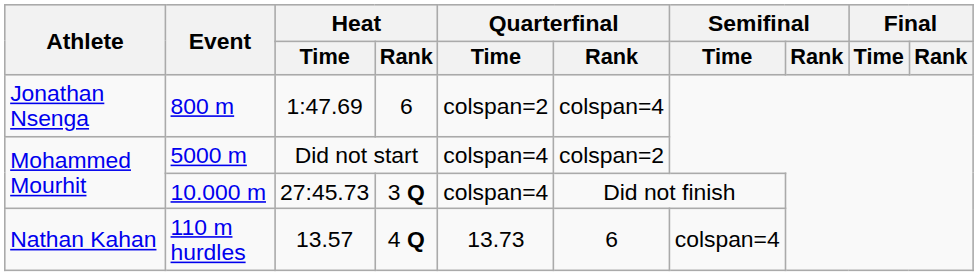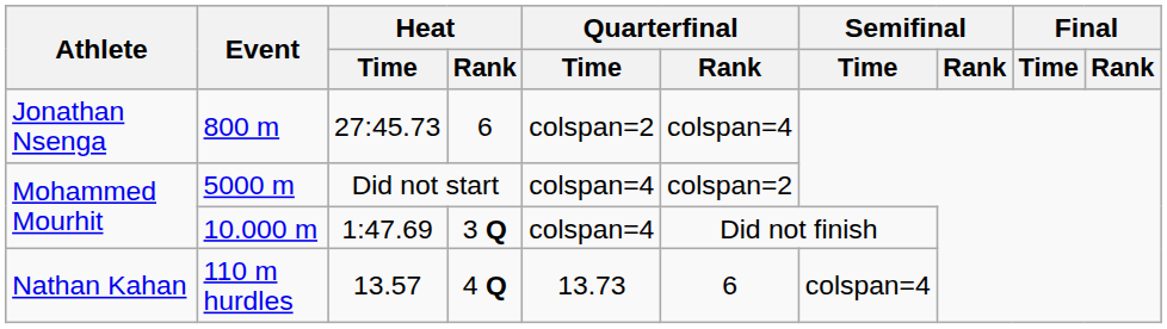 <table class=wikitable style="font-size:90%; text-align:center">
 <tr>
 <th rowspan=2>Athlete</th>
 <th rowspan=2>Event</th>
 <th colspan=2>Heat</th>
 <th colspan=2>Quarterfinal</th>
 <th colspan=2>Semifinal</th>
 <th colspan=2>Final</th>
 </tr>
 <tr style=font-size:95%>
 <th>Time</th>
 <th>Rank</th>
 <th>Time</th>
 <th>Rank</th>
 <th>Time</th>
 <th>Rank</th>
 <th>Time</th>
 <th>Rank</th>
 </tr>
 <tr>
 <td align=left><a href='#'>Jonathan Nsenga</a></td>
 <td align=left><a href='#'>800 m</a></td>
-<td>1:47.69</td>
+<td>27:45.73</td>
 <td>6</td>
 <td>colspan=2 </td>
 <td>colspan=4 </td>
 </tr>
 <tr>
 <td align=left rowspan=2><a href='#'>Mohammed Mourhit</a></td>
 <td align=left><a href='#'>5000 m</a></td>
 <td colspan=2>Did not start</td>
 <td>colspan=4 </td>
 <td>colspan=2 </td>
 </tr>
 <tr>
 <td align=left><a href='#'>10.000 m</a></td>
-<td>27:45.73</td>
+<td>1:47.69</td>
 <td>3 <strong>Q</strong></td>
 <td>colspan=4 </td>
 <td colspan=2>Did not finish</td>
 </tr>
 <tr>
 <td align=left><a href='#'>Nathan Kahan</a></td>
 <td align=left><a href='#'>110 m hurdles</a></td>
 <td>13.57</td>
 <td>4 <strong>Q</strong></td>
 <td>13.73</td>
 <td>6</td>
 <td>colspan=4 </td>
 </tr>
 </table>
